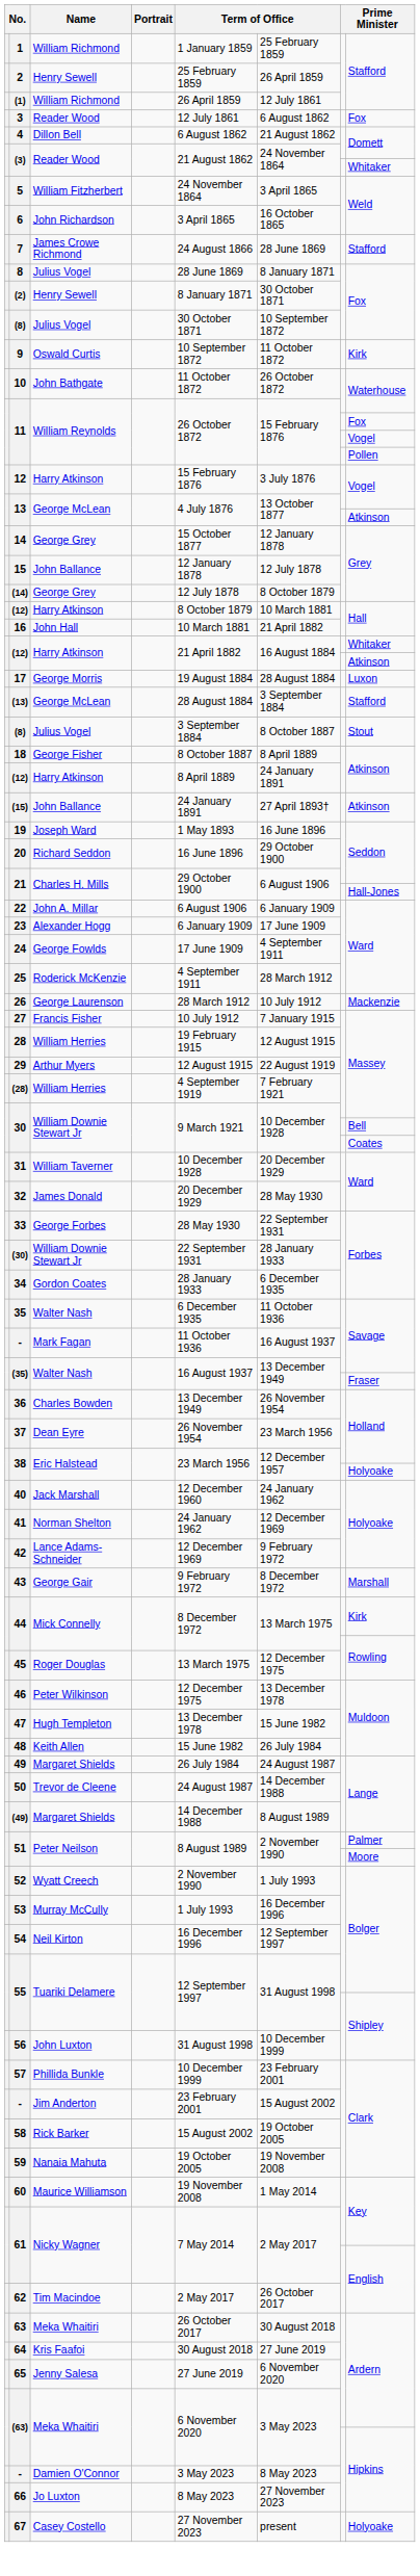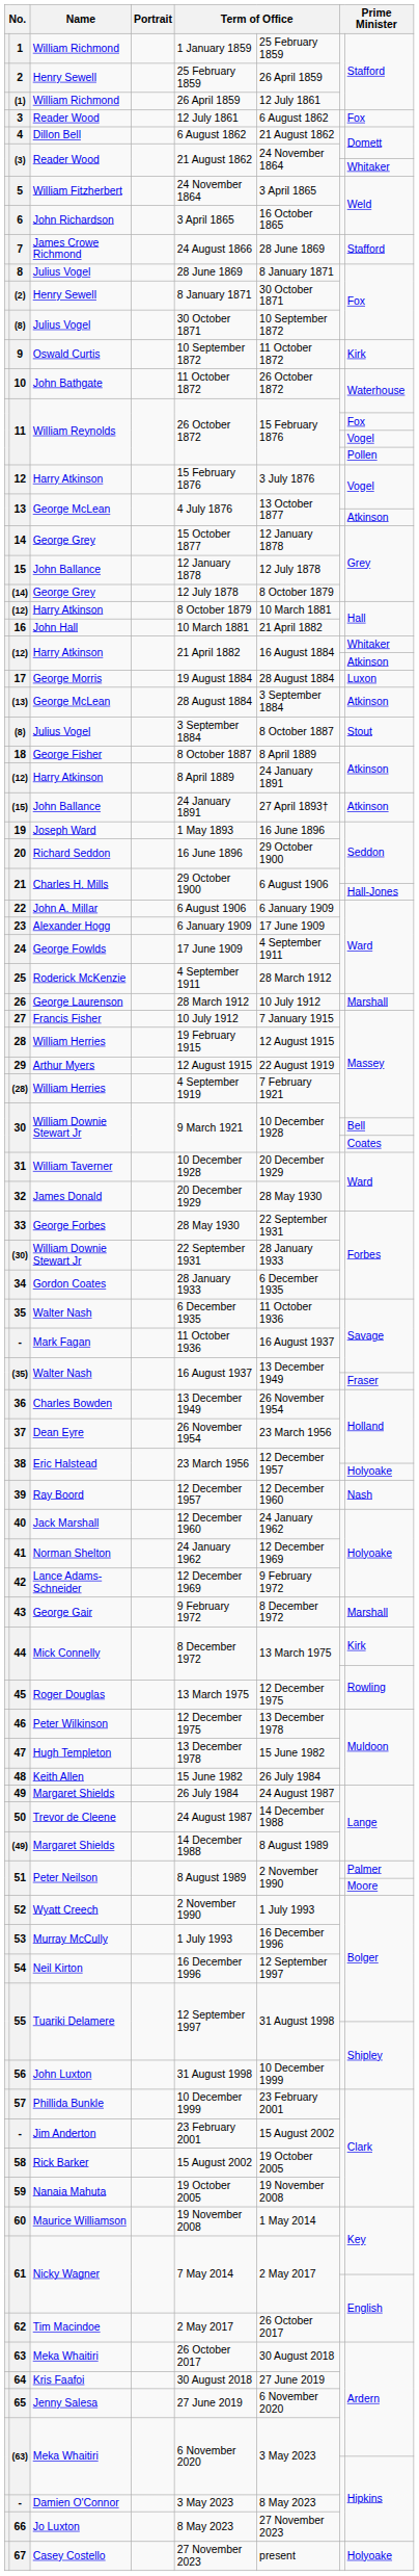 <table class="wikitable">
 <tr>
 <th colspan=2>No.</th>
 <th>Name</th>
 <th>Portrait</th>
 <th colspan=2>Term of Office</th>
 <th colspan=2>Prime Minister</th>
 </tr>
 <tr>
 <th style="color:inherit;background:"></th>
 <th>1</th>
 <td><a href='#'>William Richmond</a></td>
 <td></td>
 <td>1 January 1859</td>
 <td>25 February 1859</td>
 <td rowspan=3 style="color:inherit;background:"></td>
 <td rowspan=3><a href='#'>Stafford</a></td>
 </tr>
 <tr>
 <th style="color:inherit;background:"></th>
 <th>2</th>
 <td><a href='#'>Henry Sewell</a></td>
 <td></td>
 <td>25 February 1859</td>
 <td>26 April 1859</td>
 </tr>
 <tr>
 <th style="color:inherit;background:"></th>
 <th><small>(1)</small></th>
 <td><a href='#'>William Richmond</a></td>
 <td></td>
 <td>26 April 1859</td>
 <td>12 July 1861</td>
 </tr>
 <tr>
 <th style="color:inherit;background:"></th>
 <th>3</th>
 <td><a href='#'>Reader Wood</a></td>
 <td></td>
 <td>12 July 1861</td>
 <td>6 August 1862</td>
 <td style="color:inherit;background:"></td>
 <td><a href='#'>Fox</a></td>
 </tr>
 <tr>
 <th style="color:inherit;background:"></th>
 <th>4</th>
 <td><a href='#'>Dillon Bell</a></td>
 <td></td>
 <td>6 August 1862</td>
 <td>21 August 1862</td>
 <td rowspan=2 style="color:inherit;background:"></td>
 <td rowspan=2><a href='#'>Domett</a></td>
 </tr>
 <tr>
 <th height=15 style="border-bottom:solid 0 grey; background:"></th>
 <th rowspan=2><small>(3)</small></th>
 <td rowspan=2><a href='#'>Reader Wood</a></td>
 <td rowspan=2></td>
 <td rowspan=2>21 August 1862</td>
 <td rowspan=2>24 November 1864</td>
 </tr>
 <tr>
 <th height=15 style="border-top:solid 0 grey; background:"></th>
 <td style="color:inherit;background:"></td>
 <td><a href='#'>Whitaker</a></td>
 </tr>
 <tr>
 <th style="color:inherit;background:"></th>
 <th>5</th>
 <td><a href='#'>William Fitzherbert</a></td>
 <td></td>
 <td>24 November 1864</td>
 <td>3 April 1865</td>
 <td rowspan=2 style="color:inherit;background:"></td>
 <td rowspan=2><a href='#'>Weld</a></td>
 </tr>
 <tr>
 <th style="color:inherit;background:"></th>
 <th>6</th>
 <td><a href='#'>John Richardson</a></td>
 <td></td>
 <td>3 April 1865</td>
 <td>16 October 1865</td>
 </tr>
 <tr>
 <th style="color:inherit;background:"></th>
 <th>7</th>
 <td><a href='#'>James Crowe Richmond</a></td>
 <td></td>
 <td>24 August 1866</td>
 <td>28 June 1869</td>
 <td style="color:inherit;background:"></td>
 <td><a href='#'>Stafford</a></td>
 </tr>
 <tr>
 <th style="color:inherit;background:"></th>
 <th>8</th>
 <td><a href='#'>Julius Vogel</a></td>
 <td></td>
 <td>28 June 1869</td>
 <td>8 January 1871</td>
 <td rowspan=3 style="color:inherit;background:"></td>
 <td rowspan=3><a href='#'>Fox</a></td>
 </tr>
 <tr>
 <th style="color:inherit;background:"></th>
 <th><small>(2)</small></th>
 <td><a href='#'>Henry Sewell</a></td>
 <td></td>
 <td>8 January 1871</td>
 <td>30 October 1871</td>
 </tr>
 <tr>
 <th style="color:inherit;background:"></th>
 <th><small>(8)</small></th>
 <td><a href='#'>Julius Vogel</a></td>
 <td></td>
 <td>30 October 1871</td>
 <td>10 September 1872</td>
 </tr>
 <tr>
 <th style="color:inherit;background:"></th>
 <th>9</th>
 <td><a href='#'>Oswald Curtis</a></td>
 <td></td>
 <td>10 September 1872</td>
 <td>11 October 1872</td>
 <td style="color:inherit;background:"></td>
 <td><a href='#'>Kirk</a></td>
 </tr>
 <tr>
 <th style="color:inherit;background:"></th>
 <th>10</th>
 <td><a href='#'>John Bathgate</a></td>
 <td></td>
 <td>11 October 1872</td>
 <td>26 October 1872</td>
 <td rowspan=2 style="color:inherit;background:"></td>
 <td rowspan=2><a href='#'>Waterhouse</a></td>
 </tr>
 <tr>
 <th height=15 style="border-bottom:solid 0 grey; background:"></th>
 <th rowspan=4>11</th>
 <td rowspan=4><a href='#'>William Reynolds</a></td>
 <td rowspan=4></td>
 <td rowspan=4>26 October 1872</td>
 <td rowspan=4>15 February 1876</td>
 </tr>
 <tr>
 <th rowspan=3 style="border-top:solid 0 grey; background:"></th>
 <td style="color:inherit;background:"></td>
 <td><a href='#'>Fox</a></td>
 </tr>
 <tr>
 <td style="color:inherit;background:"></td>
 <td><a href='#'>Vogel</a></td>
 </tr>
 <tr>
 <td style="color:inherit;background:"></td>
 <td><a href='#'>Pollen</a></td>
 </tr>
 <tr>
 <th style="color:inherit;background:"></th>
 <th>12</th>
 <td><a href='#'>Harry Atkinson</a></td>
 <td></td>
 <td>15 February 1876</td>
 <td>3 July 1876</td>
 <td rowspan=2 style="color:inherit;background:"></td>
 <td rowspan=2><a href='#'>Vogel</a></td>
 </tr>
 <tr>
 <th height=15 style="border-bottom:solid 0 grey; background:"></th>
 <th rowspan=2>13</th>
 <td rowspan=2><a href='#'>George McLean</a></td>
 <td rowspan=2></td>
 <td rowspan=2>4 July 1876</td>
 <td rowspan=2>13 October 1877</td>
 </tr>
 <tr>
 <th height=15 style="border-top:solid 0 grey; background:"></th>
 <td style="color:inherit;background:"></td>
 <td><a href='#'>Atkinson</a></td>
 </tr>
 <tr>
 <th style="color:inherit;background:"></th>
 <th>14</th>
 <td><a href='#'>George Grey</a></td>
 <td></td>
 <td>15 October 1877</td>
 <td>12 January 1878</td>
 <td rowspan=3 style="color:inherit;background:"></td>
 <td rowspan=3><a href='#'>Grey</a></td>
 </tr>
 <tr>
 <th style="color:inherit;background:"></th>
 <th>15</th>
 <td><a href='#'>John Ballance</a></td>
 <td></td>
 <td>12 January 1878</td>
 <td>12 July 1878</td>
 </tr>
 <tr>
 <th style="color:inherit;background:"></th>
 <th><small>(14)</small></th>
 <td><a href='#'>George Grey</a></td>
 <td></td>
 <td>12 July 1878</td>
 <td>8 October 1879</td>
 </tr>
 <tr>
 <th style="color:inherit;background:"></th>
 <th><small>(12)</small></th>
 <td><a href='#'>Harry Atkinson</a></td>
 <td></td>
 <td>8 October 1879</td>
 <td>10 March 1881</td>
 <td rowspan=2 style="color:inherit;background:"></td>
 <td rowspan=2><a href='#'>Hall</a></td>
 </tr>
 <tr>
 <th style="color:inherit;background:"></th>
 <th>16</th>
 <td><a href='#'>John Hall</a></td>
 <td></td>
 <td>10 March 1881</td>
 <td>21 April 1882</td>
 </tr>
 <tr>
 <th rowspan=2 style="color:inherit;background:"></th>
 <th rowspan=2><small>(12)</small></th>
 <td rowspan=2><a href='#'>Harry Atkinson</a></td>
 <td rowspan=2></td>
 <td rowspan=2>21 April 1882</td>
 <td rowspan=2>16 August 1884</td>
 <td style="color:inherit;background:"></td>
 <td><a href='#'>Whitaker</a></td>
 </tr>
 <tr>
 <td style="color:inherit;background:"></td>
 <td><a href='#'>Atkinson</a></td>
 </tr>
 <tr>
 <th style="color:inherit;background:"></th>
 <th>17</th>
 <td><a href='#'>George Morris</a></td>
 <td></td>
 <td>19 August 1884</td>
 <td>28 August 1884</td>
 <td style="color:inherit;background:"></td>
 <td><a href='#'>Luxon</a></td>
 </tr>
 <tr>
 <th style="color:inherit;background:"></th>
 <th><small>(13)</small></th>
 <td><a href='#'>George McLean</a></td>
 <td></td>
 <td>28 August 1884</td>
 <td>3 September 1884</td>
 <td style="color:inherit;background:"></td>
-<td><a href='#'>Stafford</a></td>
+<td><a href='#'>Atkinson</a></td>
 </tr>
 <tr>
 <th style="color:inherit;background:"></th>
 <th><small>(8)</small></th>
 <td><a href='#'>Julius Vogel</a></td>
 <td></td>
 <td>3 September 1884</td>
 <td>8 October 1887</td>
 <td style="color:inherit;background:"></td>
 <td><a href='#'>Stout</a></td>
 </tr>
 <tr>
 <th style="color:inherit;background:"></th>
 <th>18</th>
 <td><a href='#'>George Fisher</a></td>
 <td></td>
 <td>8 October 1887</td>
 <td>8 April 1889</td>
 <td rowspan=2 style="color:inherit;background:"></td>
 <td rowspan=2><a href='#'>Atkinson</a></td>
 </tr>
 <tr>
 <th style="color:inherit;background:"></th>
 <th><small>(12)</small></th>
 <td><a href='#'>Harry Atkinson</a></td>
 <td></td>
 <td>8 April 1889</td>
 <td>24 January 1891</td>
 </tr>
 <tr>
 <th style="color:inherit;background:"></th>
 <th><small>(15)</small></th>
 <td><a href='#'>John Ballance</a></td>
 <td></td>
 <td>24 January 1891</td>
 <td>27 April 1893†</td>
 <td style="color:inherit;background:"></td>
 <td><a href='#'>Atkinson</a></td>
 </tr>
 <tr>
 <th style="color:inherit;background:"></th>
 <th>19</th>
 <td><a href='#'>Joseph Ward</a></td>
 <td></td>
 <td>1 May 1893</td>
 <td>16 June 1896</td>
 <td rowspan=3 style="color:inherit;background:"></td>
 <td rowspan=3><a href='#'>Seddon</a></td>
 </tr>
 <tr>
 <th style="color:inherit;background:"></th>
 <th>20</th>
 <td><a href='#'>Richard Seddon</a></td>
 <td></td>
 <td>16 June 1896</td>
 <td>29 October 1900</td>
 </tr>
 <tr>
 <th height=15 style="border-bottom:solid 0 grey; background:"></th>
 <th rowspan=2>21</th>
 <td rowspan=2><a href='#'>Charles H. Mills</a></td>
 <td rowspan=2></td>
 <td rowspan=2>29 October 1900</td>
 <td rowspan=2>6 August 1906</td>
 </tr>
 <tr>
 <th height=15 style="border-top:solid 0 grey; background:"></th>
 <td style="color:inherit;background:"></td>
 <td><a href='#'>Hall-Jones</a></td>
 </tr>
 <tr>
 <th style="color:inherit;background:"></th>
 <th>22</th>
 <td><a href='#'>John A. Millar</a></td>
 <td></td>
 <td>6 August 1906</td>
 <td>6 January 1909</td>
 <td rowspan=4 style="color:inherit;background:"></td>
 <td rowspan=4><a href='#'>Ward</a></td>
 </tr>
 <tr>
 <th style="color:inherit;background:"></th>
 <th>23</th>
 <td><a href='#'>Alexander Hogg</a></td>
 <td></td>
 <td>6 January 1909</td>
 <td>17 June 1909</td>
 </tr>
 <tr>
 <th style="color:inherit;background:"></th>
 <th>24</th>
 <td><a href='#'>George Fowlds</a></td>
 <td></td>
 <td>17 June 1909</td>
 <td>4 September 1911</td>
 </tr>
 <tr>
 <th style="color:inherit;background:"></th>
 <th>25</th>
 <td><a href='#'>Roderick McKenzie</a></td>
 <td></td>
 <td>4 September 1911</td>
 <td>28 March 1912</td>
 </tr>
 <tr>
 <th style="color:inherit;background:"></th>
 <th>26</th>
 <td><a href='#'>George Laurenson</a></td>
 <td></td>
 <td>28 March 1912</td>
 <td>10 July 1912</td>
 <td style="color:inherit;background:"></td>
-<td><a href='#'>Mackenzie</a></td>
+<td><a href='#'>Marshall</a></td>
 </tr>
 <tr>
 <th style="color:inherit;background:"></th>
 <th>27</th>
 <td><a href='#'>Francis Fisher</a></td>
 <td></td>
 <td>10 July 1912</td>
 <td>7 January 1915</td>
 <td rowspan=4 style="border-bottom:solid 0 grey; background:"></td>
 <td rowspan=5><a href='#'>Massey</a></td>
 </tr>
 <tr>
 <th style="color:inherit;background:"></th>
 <th>28</th>
 <td><a href='#'>William Herries</a></td>
 <td></td>
 <td>19 February 1915</td>
 <td>12 August 1915</td>
 </tr>
 <tr>
 <th style="color:inherit;background:"></th>
 <th>29</th>
 <td><a href='#'>Arthur Myers</a></td>
 <td></td>
 <td>12 August 1915</td>
 <td>22 August 1919</td>
 </tr>
 <tr>
 <th style="color:inherit;background:"></th>
 <th><small>(28)</small></th>
 <td><a href='#'>William Herries</a></td>
 <td></td>
 <td>4 September 1919</td>
 <td>7 February 1921</td>
 </tr>
 <tr>
 <th rowspan=3 style="color:inherit;background:"></th>
 <th rowspan=3>30</th>
 <td rowspan=3><a href='#'>William Downie Stewart Jr</a></td>
 <td rowspan=3></td>
 <td rowspan=3>9 March 1921</td>
 <td rowspan=3>10 December 1928</td>
 <td height=15 style="border-top:solid 0 grey; background:"></td>
 </tr>
 <tr>
 <td height=15 style="color:inherit;background:"></td>
 <td><a href='#'>Bell</a></td>
 </tr>
 <tr>
 <td height=15 style="border-bottom:solid 0 grey; background:"></td>
 <td><a href='#'>Coates</a></td>
 </tr>
 <tr>
 <th style="color:inherit;background:"></th>
 <th>31</th>
 <td><a href='#'>William Taverner</a></td>
 <td></td>
 <td>10 December 1928</td>
 <td>20 December 1929</td>
 <td rowspan=2 style="color:inherit;background:"></td>
 <td rowspan=2><a href='#'>Ward</a></td>
 </tr>
 <tr>
 <th style="color:inherit;background:"></th>
 <th>32</th>
 <td><a href='#'>James Donald</a></td>
 <td></td>
 <td>20 December 1929</td>
 <td>28 May 1930</td>
 </tr>
 <tr>
 <th style="color:inherit;background:"></th>
 <th>33</th>
 <td><a href='#'>George Forbes</a></td>
 <td></td>
 <td>28 May 1930</td>
 <td>22 September 1931</td>
 <td rowspan=3 style="color:inherit;background:"></td>
 <td rowspan=3><a href='#'>Forbes</a></td>
 </tr>
 <tr>
 <th style="color:inherit;background:"></th>
 <th><small>(30)</small></th>
 <td><a href='#'>William Downie Stewart Jr</a></td>
 <td></td>
 <td>22 September 1931</td>
 <td>28 January 1933</td>
 </tr>
 <tr>
 <th style="color:inherit;background:"></th>
 <th>34</th>
 <td><a href='#'>Gordon Coates</a></td>
 <td></td>
 <td>28 January 1933</td>
 <td>6 December 1935</td>
 </tr>
 <tr>
 <th style="color:inherit;background:"></th>
 <th>35</th>
 <td><a href='#'>Walter Nash</a></td>
 <td></td>
 <td>6 December 1935</td>
 <td>11 October 1936</td>
 <td rowspan=3 style="color:inherit;background:"></td>
 <td rowspan=3><a href='#'>Savage</a></td>
 </tr>
 <tr>
 <th style="color:inherit;background:"></th>
 <th>-</th>
 <td><a href='#'>Mark Fagan</a><br></td>
 <td></td>
 <td>11 October 1936</td>
 <td>16 August 1937</td>
 </tr>
 <tr>
 <th height=15 style="border-bottom:solid 0 grey; background:"></th>
 <th rowspan=2><small>(35)</small></th>
 <td rowspan=2><a href='#'>Walter Nash</a></td>
 <td rowspan=2></td>
 <td rowspan=2>16 August 1937</td>
 <td rowspan=2>13 December 1949</td>
 </tr>
 <tr>
 <th height=15 style="border-top:solid 0 grey; background:"></th>
 <td style="color:inherit;background:"></td>
 <td><a href='#'>Fraser</a></td>
 </tr>
 <tr>
 <th style="color:inherit;background:"></th>
 <th>36</th>
 <td><a href='#'>Charles Bowden</a></td>
 <td></td>
 <td>13 December 1949</td>
 <td>26 November 1954</td>
 <td rowspan=3 style="color:inherit;background:"></td>
 <td rowspan=3><a href='#'>Holland</a></td>
 </tr>
 <tr>
 <th style="color:inherit;background:"></th>
 <th>37</th>
 <td><a href='#'>Dean Eyre</a></td>
 <td></td>
 <td>26 November 1954</td>
 <td>23 March 1956</td>
 </tr>
 <tr>
 <th height=15 style="border-bottom:solid 0 grey; background:"></th>
 <th rowspan=2>38</th>
 <td rowspan=2><a href='#'>Eric Halstead</a></td>
 <td rowspan=2></td>
 <td rowspan=2>23 March 1956</td>
 <td rowspan=2>12 December 1957</td>
 </tr>
 <tr>
 <th height=15 style="border-top:solid 0 grey; background:"></th>
 <td style="color:inherit;background:"></td>
 <td><a href='#'>Holyoake</a></td>
+</tr>
+<tr>
+<th style="color:inherit;background:"></th>
+<th>39</th>
+<td><a href='#'>Ray Boord</a></td>
+<td></td>
+<td>12 December 1957</td>
+<td>12 December 1960</td>
+<td style="color:inherit;background:"></td>
+<td><a href='#'>Nash</a></td>
 </tr>
 <tr>
 <th style="color:inherit;background:"></th>
 <th>40</th>
 <td><a href='#'>Jack Marshall</a></td>
 <td></td>
 <td>12 December 1960</td>
 <td>24 January 1962</td>
 <td rowspan=3 style="color:inherit;background:"></td>
 <td rowspan=3><a href='#'>Holyoake</a></td>
 </tr>
 <tr>
 <th style="color:inherit;background:"></th>
 <th>41</th>
 <td><a href='#'>Norman Shelton</a></td>
 <td></td>
 <td>24 January 1962</td>
 <td>12 December 1969</td>
 </tr>
 <tr>
 <th style="color:inherit;background:"></th>
 <th>42</th>
 <td><a href='#'>Lance Adams-Schneider</a></td>
 <td></td>
 <td>12 December 1969</td>
 <td>9 February 1972</td>
 </tr>
 <tr>
 <th style="color:inherit;background:"></th>
 <th>43</th>
 <td><a href='#'>George Gair</a></td>
 <td></td>
 <td>9 February 1972</td>
 <td>8 December 1972</td>
 <td style="color:inherit;background:"></td>
 <td><a href='#'>Marshall</a></td>
 </tr>
 <tr>
 <th height=50 style="border-bottom:solid 0 grey; background:"></th>
 <th rowspan=2>44</th>
 <td rowspan=2><a href='#'>Mick Connelly</a></td>
 <td rowspan=2></td>
 <td rowspan=2>8 December 1972</td>
 <td rowspan=2>13 March 1975</td>
 <td style="color:inherit;background:"></td>
 <td><a href='#'>Kirk</a></td>
 </tr>
 <tr>
 <th height=15 style="border-top:solid 0 grey; background:"></th>
 <td style="border-bottom:solid 0 grey; background:"></td>
 <td rowspan=2><a href='#'>Rowling</a></td>
 </tr>
 <tr>
 <th style="color:inherit;background:"></th>
 <th>45</th>
 <td><a href='#'>Roger Douglas</a></td>
 <td></td>
 <td>13 March 1975</td>
 <td>12 December 1975</td>
 <td style="border-top:solid 0 grey; background:"></td>
 </tr>
 <tr>
 <th style="color:inherit;background:"></th>
 <th>46</th>
 <td><a href='#'>Peter Wilkinson</a></td>
 <td></td>
 <td>12 December 1975</td>
 <td>13 December 1978</td>
 <td rowspan=3 style="color:inherit;background:"></td>
 <td rowspan=3><a href='#'>Muldoon</a></td>
 </tr>
 <tr>
 <th style="color:inherit;background:"></th>
 <th>47</th>
 <td><a href='#'>Hugh Templeton</a></td>
 <td></td>
 <td>13 December 1978</td>
 <td>15 June 1982</td>
 </tr>
 <tr>
 <th style="color:inherit;background:"></th>
 <th>48</th>
 <td><a href='#'>Keith Allen</a></td>
 <td></td>
 <td>15 June 1982</td>
 <td>26 July 1984</td>
 </tr>
 <tr>
 <th style="color:inherit;background:"></th>
 <th>49</th>
 <td><a href='#'>Margaret Shields</a></td>
 <td></td>
 <td>26 July 1984</td>
 <td>24 August 1987</td>
 <td rowspan=3 style="color:inherit;background:"></td>
 <td rowspan=3><a href='#'>Lange</a></td>
 </tr>
 <tr>
 <th style="color:inherit;background:"></th>
 <th>50</th>
 <td><a href='#'>Trevor de Cleene</a></td>
 <td></td>
 <td>24 August 1987</td>
 <td>14 December 1988</td>
 </tr>
 <tr>
 <th style="color:inherit;background:"></th>
 <th><small>(49)</small></th>
 <td><a href='#'>Margaret Shields</a></td>
 <td></td>
 <td>14 December 1988</td>
 <td>8 August 1989</td>
 </tr>
 <tr>
 <th rowspan=2 style="color:inherit;background:"></th>
 <th rowspan=2>51</th>
 <td rowspan=2><a href='#'>Peter Neilson</a></td>
 <td rowspan=2></td>
 <td rowspan=2>8 August 1989</td>
 <td rowspan=2>2 November 1990</td>
 <td style="color:inherit;background:"></td>
 <td><a href='#'>Palmer</a></td>
 </tr>
 <tr>
 <td style="color:inherit;background:"></td>
 <td><a href='#'>Moore</a></td>
 </tr>
 <tr>
 <th style="color:inherit;background:"></th>
 <th>52</th>
 <td><a href='#'>Wyatt Creech</a></td>
 <td></td>
 <td>2 November 1990</td>
 <td>1 July 1993</td>
 <td rowspan=4 style="color:inherit;background:"></td>
 <td rowspan=4><a href='#'>Bolger</a></td>
 </tr>
 <tr>
 <th style="color:inherit;background:"></th>
 <th>53</th>
 <td><a href='#'>Murray McCully</a></td>
 <td></td>
 <td>1 July 1993</td>
 <td>16 December 1996</td>
 </tr>
 <tr>
 <th style="color:inherit;background:"></th>
 <th>54</th>
 <td><a href='#'>Neil Kirton</a></td>
 <td></td>
 <td>16 December 1996</td>
 <td>12 September 1997</td>
 </tr>
 <tr>
 <th height=50 style="border-bottom:solid 0 grey; background:"></th>
 <th rowspan=2>55</th>
 <td rowspan=2><a href='#'>Tuariki Delamere</a></td>
 <td rowspan=2></td>
 <td rowspan=2>12 September 1997</td>
 <td rowspan=2>31 August 1998</td>
 </tr>
 <tr>
 <th height=50 style="border-top:solid 0 grey; background:"></th>
 <td rowspan=2 style="color:inherit;background:"></td>
 <td rowspan=2><a href='#'>Shipley</a></td>
 </tr>
 <tr>
 <th style="color:inherit;background:"></th>
 <th>56</th>
 <td><a href='#'>John Luxton</a></td>
 <td></td>
 <td>31 August 1998</td>
 <td>10 December 1999</td>
 </tr>
 <tr>
 <th style="color:inherit;background:"></th>
 <th>57</th>
 <td><a href='#'>Phillida Bunkle</a></td>
 <td></td>
 <td>10 December 1999</td>
 <td>23 February 2001</td>
 <td rowspan=4 style="color:inherit;background:"></td>
 <td rowspan=4><a href='#'>Clark</a></td>
 </tr>
 <tr>
 <th style="color:inherit;background:"></th>
 <th>-</th>
 <td><a href='#'>Jim Anderton</a><br></td>
 <td></td>
 <td>23 February 2001</td>
 <td>15 August 2002</td>
 </tr>
 <tr>
 <th style="color:inherit;background:"></th>
 <th>58</th>
 <td><a href='#'>Rick Barker</a></td>
 <td></td>
 <td>15 August 2002</td>
 <td>19 October 2005</td>
 </tr>
 <tr>
 <th style="color:inherit;background:"></th>
 <th>59</th>
 <td><a href='#'>Nanaia Mahuta</a></td>
 <td></td>
 <td>19 October 2005</td>
 <td>19 November 2008</td>
 </tr>
 <tr>
 <th style="color:inherit;background:"></th>
 <th>60</th>
 <td><a href='#'>Maurice Williamson</a></td>
 <td></td>
 <td>19 November 2008</td>
 <td>1 May 2014</td>
 <td rowspan=2 style="color:inherit;background:"></td>
 <td rowspan=2><a href='#'>Key</a></td>
 </tr>
 <tr>
 <th height=50 style="border-bottom:solid 0 grey; background:"></th>
 <th rowspan=2>61</th>
 <td rowspan=2><a href='#'>Nicky Wagner</a></td>
 <td rowspan=2></td>
 <td rowspan=2>7 May 2014</td>
 <td rowspan=2>2 May 2017</td>
 </tr>
 <tr>
 <th height=50 style="border-top:solid 0 grey; background:"></th>
 <td rowspan=2 style="color:inherit;background:"></td>
 <td rowspan=2><a href='#'>English</a></td>
 </tr>
 <tr>
 <th style="color:inherit;background:"></th>
 <th>62</th>
 <td><a href='#'>Tim Macindoe</a></td>
 <td></td>
 <td>2 May 2017</td>
 <td>26 October 2017</td>
 </tr>
 <tr>
 <th style="color:inherit;background:"></th>
 <th>63</th>
 <td><a href='#'>Meka Whaitiri</a></td>
 <td></td>
 <td>26 October 2017</td>
 <td>30 August 2018</td>
 <td rowspan=4 style="color:inherit;background:"></td>
 <td rowspan=4><a href='#'>Ardern</a></td>
 </tr>
 <tr>
 <th style="color:inherit;background:"></th>
 <th>64</th>
 <td><a href='#'>Kris Faafoi</a></td>
 <td></td>
 <td>30 August 2018</td>
 <td>27 June 2019</td>
 </tr>
 <tr>
 <th style="color:inherit;background:"></th>
 <th>65</th>
 <td><a href='#'>Jenny Salesa</a></td>
 <td></td>
 <td>27 June 2019</td>
 <td>6 November 2020</td>
 </tr>
 <tr>
 <th height=50 style="border-bottom:solid 0 grey; background:"></th>
 <th rowspan=2><small>(63)</small></th>
 <td rowspan=2><a href='#'>Meka Whaitiri</a></td>
 <td rowspan=2></td>
 <td rowspan=2>6 November 2020</td>
 <td rowspan=2>3 May 2023</td>
 </tr>
 <tr>
 <th height=50 style="border-top:solid 0 grey; background:"></th>
 <td rowspan=3 style="color:inherit;background:"></td>
 <td rowspan=3><a href='#'>Hipkins</a></td>
 </tr>
 <tr>
 <th style="color:inherit;background:"></th>
 <th>-</th>
 <td><a href='#'>Damien O'Connor</a><br></td>
 <td></td>
 <td>3 May 2023</td>
 <td>8 May 2023</td>
 </tr>
 <tr>
 <th style="color:inherit;background:"></th>
 <th>66</th>
 <td><a href='#'>Jo Luxton</a></td>
 <td></td>
 <td>8 May 2023</td>
 <td>27 November 2023</td>
 </tr>
 <tr>
 <th style="color:inherit;background:"></th>
 <th>67</th>
 <td><a href='#'>Casey Costello</a></td>
 <td></td>
 <td>27 November 2023</td>
 <td>present</td>
 <td style="color:inherit;background:"></td>
 <td><a href='#'>Holyoake</a></td>
 </tr>
 </table>
